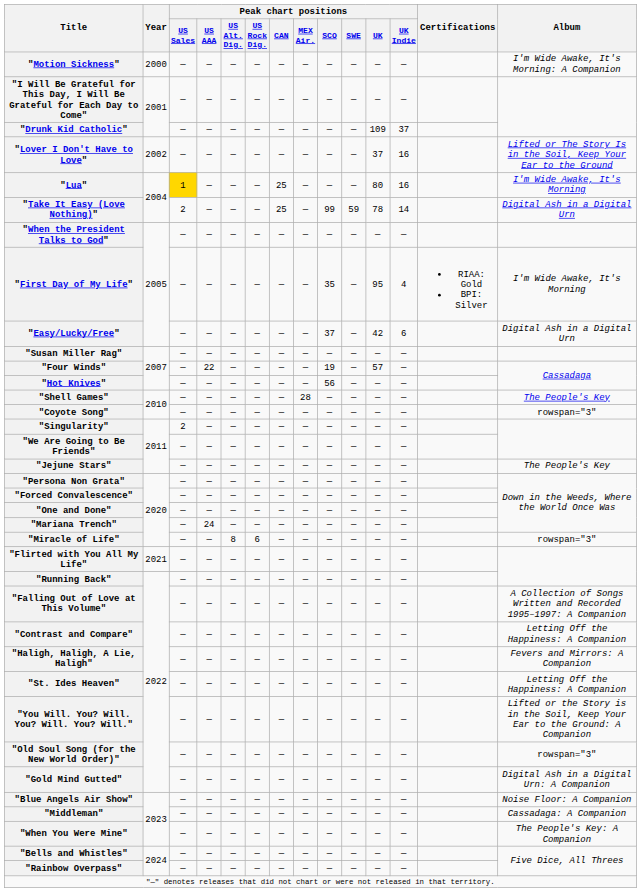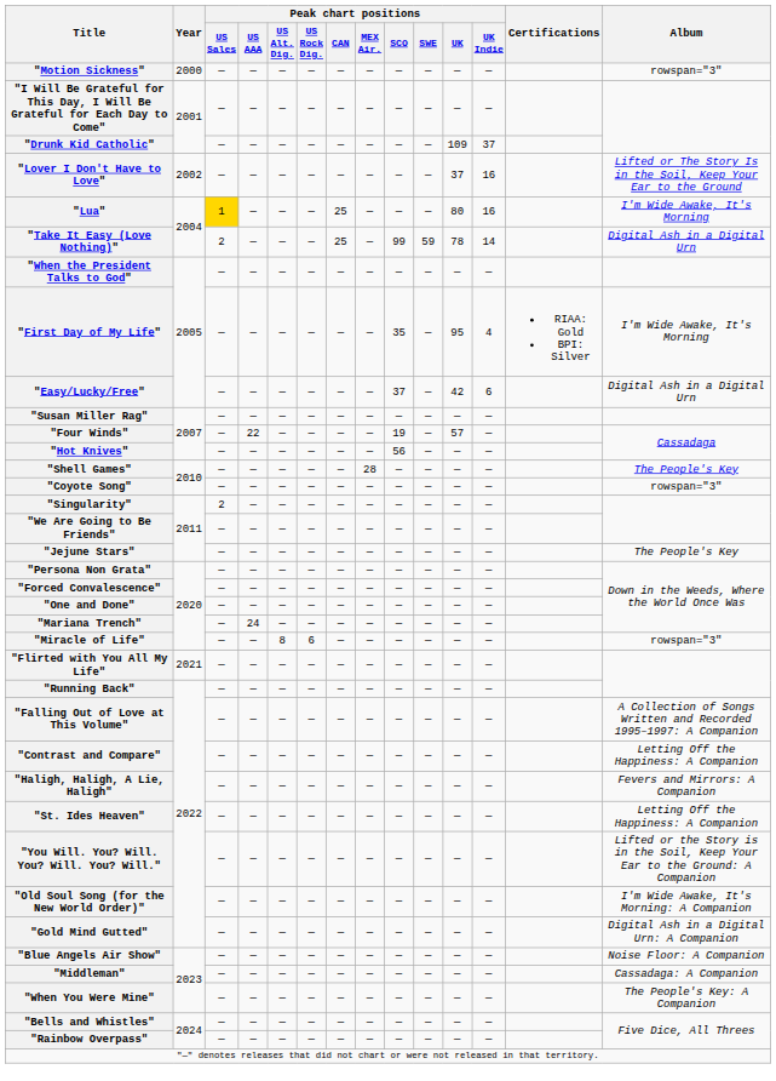 <table class="wikitable plainrowheaders" style="text-align:center;">
 <tr>
 <th rowspan="2" style="width:15em;">Title</th>
 <th rowspan="2" style="width:1em;">Year</th>
 <th colspan="10" style="width:5em;">Peak chart positions</th>
 <th rowspan="2" style="width:8em;">Certifications</th>
 <th rowspan="2" style="width:15em;">Album</th>
 </tr>
 <tr>
 <th scope="col" style="width:2.5em;font-size:90%;"><a href='#'>US<br>Sales</a><br></th>
 <th scope="col" style="width:2.5em;font-size:90%;"><a href='#'>US<br>AAA</a><br></th>
 <th scope="col" style="width:2.5em;font-size:90%;"><a href='#'>US<br>Alt.<br>Dig.</a><br></th>
 <th scope="col" style="width:2.5em;font-size:90%;"><a href='#'>US<br>Rock<br>Dig.</a><br></th>
 <th scope="col" style="width:2.5em;font-size:90%;"><a href='#'>CAN</a><br></th>
 <th scope="col" style="width:2.5em;font-size:90%;"><a href='#'>MEX<br>Air.</a><br></th>
 <th scope="col" style="width:2.5em;font-size:90%;"><a href='#'>SCO</a><br></th>
 <th scope="col" style="width:2.5em;font-size:90%;"><a href='#'>SWE</a><br></th>
 <th scope="col" style="width:2.5em;font-size:90%;"><a href='#'>UK</a><br></th>
 <th scope="col" style="width:2.5em;font-size:90%;"><a href='#'>UK<br>Indie</a><br></th>
 </tr>
 <tr>
 <th scope="row">"<a href='#'>Motion Sickness</a>"</th>
 <td>2000</td>
 <td align="center">—</td>
 <td align="center">—</td>
 <td align="center">—</td>
 <td align="center">—</td>
 <td align="center">—</td>
 <td align="center">—</td>
 <td align="center">—</td>
 <td align="center">—</td>
 <td align="center">—</td>
 <td align="center">—</td>
 <td></td>
-<td><em>I'm Wide Awake, It's Morning: A Companion</em></td>
+<td>rowspan="3" </td>
 </tr>
 <tr>
 <th scope="row">"I Will Be Grateful for This Day, I Will Be Grateful for Each Day to Come"</th>
 <td rowspan="2">2001</td>
 <td align="center">—</td>
 <td align="center">—</td>
 <td align="center">—</td>
 <td align="center">—</td>
 <td align="center">—</td>
 <td align="center">—</td>
 <td align="center">—</td>
 <td align="center">—</td>
 <td align="center">—</td>
 <td align="center">—</td>
 <td></td>
 </tr>
 <tr>
 <th scope="row">"<a href='#'>Drunk Kid Catholic</a>"</th>
 <td align="center">—</td>
 <td align="center">—</td>
 <td align="center">—</td>
 <td align="center">—</td>
 <td align="center">—</td>
 <td align="center">—</td>
 <td align="center">—</td>
 <td align="center">—</td>
 <td align="center">109</td>
 <td align="center">37</td>
 <td></td>
 </tr>
 <tr>
 <th scope="row">"<a href='#'>Lover I Don't Have to Love</a>"</th>
 <td>2002</td>
 <td align="center">—</td>
 <td align="center">—</td>
 <td align="center">—</td>
 <td align="center">—</td>
 <td align="center">—</td>
 <td align="center">—</td>
 <td align="center">—</td>
 <td align="center">—</td>
 <td align="center">37</td>
 <td align="center">16</td>
 <td></td>
 <td><em><a href='#'>Lifted or The Story Is in the Soil, Keep Your Ear to the Ground</a></em></td>
 </tr>
 <tr>
 <th scope="row">"<a href='#'>Lua</a>"</th>
 <td rowspan="2">2004</td>
 <td align="center" style="background: gold;">1</td>
 <td align="center">—</td>
 <td align="center">—</td>
 <td align="center">—</td>
 <td align="center">25</td>
 <td align="center">—</td>
 <td align="center">—</td>
 <td align="center">—</td>
 <td align="center">80</td>
 <td align="center">16</td>
 <td></td>
 <td><em><a href='#'>I'm Wide Awake, It's Morning</a></em></td>
 </tr>
 <tr>
 <th scope="row">"<a href='#'>Take It Easy (Love Nothing)</a>"</th>
 <td align="center">2</td>
 <td align="center">—</td>
 <td align="center">—</td>
 <td align="center">—</td>
 <td align="center">25</td>
 <td align="center">—</td>
 <td align="center">99</td>
 <td align="center">59</td>
 <td align="center">78</td>
 <td align="center">14</td>
 <td></td>
 <td><em><a href='#'>Digital Ash in a Digital Urn</a></em></td>
 </tr>
 <tr>
 <th scope="row">"<a href='#'>When the President Talks to God</a>"</th>
 <td rowspan="3">2005</td>
 <td align="center">—</td>
 <td align="center">—</td>
 <td align="center">—</td>
 <td align="center">—</td>
 <td align="center">—</td>
 <td align="center">—</td>
 <td align="center">—</td>
 <td align="center">—</td>
 <td align="center">—</td>
 <td align="center">—</td>
 <td></td>
 <td></td>
 </tr>
 <tr>
 <th scope="row">"<a href='#'>First Day of My Life</a>"</th>
 <td align="center">—</td>
 <td align="center">—</td>
 <td align="center">—</td>
 <td align="center">—</td>
 <td align="center">—</td>
 <td align="center">—</td>
 <td align="center">35</td>
 <td align="center">—</td>
 <td align="center">95</td>
 <td align="center">4</td>
 <td><br><ul><li>RIAA: Gold</li><li>BPI: Silver</li></ul></td>
 <td><em>I'm Wide Awake, It's Morning</em></td>
 </tr>
 <tr>
 <th scope="row">"<a href='#'>Easy/Lucky/Free</a>"</th>
 <td align="center">—</td>
 <td align="center">—</td>
 <td align="center">—</td>
 <td align="center">—</td>
 <td align="center">—</td>
 <td align="center">—</td>
 <td align="center">37</td>
 <td align="center">—</td>
 <td align="center">42</td>
 <td align="center">6</td>
 <td></td>
 <td><em>Digital Ash in a Digital Urn</em></td>
 </tr>
 <tr>
 <th scope="row">"Susan Miller Rag"</th>
 <td rowspan="3">2007</td>
 <td align="center">—</td>
 <td align="center">—</td>
 <td align="center">—</td>
 <td align="center">—</td>
 <td align="center">—</td>
 <td align="center">—</td>
 <td align="center">—</td>
 <td align="center">—</td>
 <td align="center">—</td>
 <td align="center">—</td>
 <td></td>
 <td></td>
 </tr>
 <tr>
 <th scope="row">"Four Winds"</th>
 <td align="center">—</td>
 <td align="center">22</td>
 <td align="center">—</td>
 <td align="center">—</td>
 <td align="center">—</td>
 <td align="center">—</td>
 <td align="center">19</td>
 <td align="center">—</td>
 <td align="center">57</td>
 <td align="center">—</td>
 <td></td>
 <td rowspan="2"><em><a href='#'>Cassadaga</a></em></td>
 </tr>
 <tr>
 <th scope="row">"<a href='#'>Hot Knives</a>"</th>
 <td align="center">—</td>
 <td align="center">—</td>
 <td align="center">—</td>
 <td align="center">—</td>
 <td align="center">—</td>
 <td align="center">—</td>
 <td align="center">56</td>
 <td align="center">—</td>
 <td align="center">—</td>
 <td align="center">—</td>
 <td></td>
 </tr>
 <tr>
 <th scope="row">"Shell Games"</th>
 <td rowspan="2">2010</td>
 <td align="center">—</td>
 <td align="center">—</td>
 <td align="center">—</td>
 <td align="center">—</td>
 <td align="center">—</td>
 <td align="center">28</td>
 <td align="center">—</td>
 <td align="center">—</td>
 <td align="center">—</td>
 <td align="center">—</td>
 <td></td>
 <td><em><a href='#'>The People's Key</a></em></td>
 </tr>
 <tr>
 <th scope="row">"Coyote Song"</th>
 <td align="center">—</td>
 <td align="center">—</td>
 <td align="center">—</td>
 <td align="center">—</td>
 <td align="center">—</td>
 <td align="center">—</td>
 <td align="center">—</td>
 <td align="center">—</td>
 <td align="center">—</td>
 <td align="center">—</td>
 <td></td>
 <td>rowspan="3" </td>
 </tr>
 <tr>
 <th scope="row">"Singularity"</th>
 <td rowspan="3">2011</td>
 <td align="center">2</td>
 <td align="center">—</td>
 <td align="center">—</td>
 <td align="center">—</td>
 <td align="center">—</td>
 <td align="center">—</td>
 <td align="center">—</td>
 <td align="center">—</td>
 <td align="center">—</td>
 <td align="center">—</td>
 <td></td>
 </tr>
 <tr>
 <th scope="row">"We Are Going to Be Friends"<br></th>
 <td align="center">—</td>
 <td align="center">—</td>
 <td align="center">—</td>
 <td align="center">—</td>
 <td align="center">—</td>
 <td align="center">—</td>
 <td align="center">—</td>
 <td align="center">—</td>
 <td align="center">—</td>
 <td align="center">—</td>
 <td></td>
 </tr>
 <tr>
 <th scope="row">"Jejune Stars"</th>
 <td align="center">—</td>
 <td align="center">—</td>
 <td align="center">—</td>
 <td align="center">—</td>
 <td align="center">—</td>
 <td align="center">—</td>
 <td align="center">—</td>
 <td align="center">—</td>
 <td align="center">—</td>
 <td align="center">—</td>
 <td></td>
 <td><em>The People's Key</em></td>
 </tr>
 <tr>
 <th scope="row">"Persona Non Grata"</th>
 <td rowspan="5">2020</td>
 <td align="center">—</td>
 <td align="center">—</td>
 <td align="center">—</td>
 <td align="center">—</td>
 <td align="center">—</td>
 <td align="center">—</td>
 <td align="center">—</td>
 <td align="center">—</td>
 <td align="center">—</td>
 <td align="center">—</td>
 <td></td>
 <td rowspan="4"><em>Down in the Weeds, Where the World Once Was</em></td>
 </tr>
 <tr>
 <th scope="row">"Forced Convalescence"</th>
 <td align="center">—</td>
 <td align="center">—</td>
 <td align="center">—</td>
 <td align="center">—</td>
 <td align="center">—</td>
 <td align="center">—</td>
 <td align="center">—</td>
 <td align="center">—</td>
 <td align="center">—</td>
 <td align="center">—</td>
 <td></td>
 </tr>
 <tr>
 <th scope="row">"One and Done"</th>
 <td align="center">—</td>
 <td align="center">—</td>
 <td align="center">—</td>
 <td align="center">—</td>
 <td align="center">—</td>
 <td align="center">—</td>
 <td align="center">—</td>
 <td align="center">—</td>
 <td align="center">—</td>
 <td align="center">—</td>
 <td></td>
 </tr>
 <tr>
 <th scope="row">"Mariana Trench"</th>
 <td align="center">—</td>
 <td align="center">24</td>
 <td align="center">—</td>
 <td align="center">—</td>
 <td align="center">—</td>
 <td align="center">—</td>
 <td align="center">—</td>
 <td align="center">—</td>
 <td align="center">—</td>
 <td align="center">—</td>
 <td></td>
 </tr>
 <tr>
 <th scope="row">"Miracle of Life"<br></th>
 <td align="center">—</td>
 <td align="center">—</td>
 <td align="center">8</td>
 <td align="center">6</td>
 <td align="center">—</td>
 <td align="center">—</td>
 <td align="center">—</td>
 <td align="center">—</td>
 <td align="center">—</td>
 <td align="center">—</td>
 <td></td>
 <td>rowspan="3" </td>
 </tr>
 <tr>
 <th scope="row">"Flirted with You All My Life" </th>
 <td>2021</td>
 <td align="center">—</td>
 <td align="center">—</td>
 <td align="center">—</td>
 <td align="center">—</td>
 <td align="center">—</td>
 <td align="center">—</td>
 <td align="center">—</td>
 <td align="center">—</td>
 <td align="center">—</td>
 <td align="center">—</td>
 <td></td>
 </tr>
 <tr>
 <th scope="row">"Running Back"<br></th>
 <td rowspan="8">2022</td>
 <td align="center">—</td>
 <td align="center">—</td>
 <td align="center">—</td>
 <td align="center">—</td>
 <td align="center">—</td>
 <td align="center">—</td>
 <td align="center">—</td>
 <td align="center">—</td>
 <td align="center">—</td>
 <td align="center">—</td>
 <td></td>
 </tr>
 <tr>
 <th scope="row">"Falling Out of Love at This Volume" </th>
 <td align="center">—</td>
 <td align="center">—</td>
 <td align="center">—</td>
 <td align="center">—</td>
 <td align="center">—</td>
 <td align="center">—</td>
 <td align="center">—</td>
 <td align="center">—</td>
 <td align="center">—</td>
 <td align="center">—</td>
 <td></td>
 <td><em>A Collection of Songs Written and Recorded 1995–1997: A Companion</em></td>
 </tr>
 <tr>
 <th scope="row">"Contrast and Compare" </th>
 <td align="center">—</td>
 <td align="center">—</td>
 <td align="center">—</td>
 <td align="center">—</td>
 <td align="center">—</td>
 <td align="center">—</td>
 <td align="center">—</td>
 <td align="center">—</td>
 <td align="center">—</td>
 <td align="center">—</td>
 <td></td>
 <td><em>Letting Off the Happiness: A Companion</em></td>
 </tr>
 <tr>
 <th scope="row">"Haligh, Haligh, A Lie, Haligh" </th>
 <td align="center">—</td>
 <td align="center">—</td>
 <td align="center">—</td>
 <td align="center">—</td>
 <td align="center">—</td>
 <td align="center">—</td>
 <td align="center">—</td>
 <td align="center">—</td>
 <td align="center">—</td>
 <td align="center">—</td>
 <td></td>
 <td><em>Fevers and Mirrors: A Companion</em></td>
 </tr>
 <tr>
 <th scope="row">"St. Ides Heaven" </th>
 <td align="center">—</td>
 <td align="center">—</td>
 <td align="center">—</td>
 <td align="center">—</td>
 <td align="center">—</td>
 <td align="center">—</td>
 <td align="center">—</td>
 <td align="center">—</td>
 <td align="center">—</td>
 <td align="center">—</td>
 <td></td>
 <td><em>Letting Off the Happiness: A Companion</em></td>
 </tr>
 <tr>
 <th scope="row">"You Will. You? Will. You? Will. You? Will." </th>
 <td align="center">—</td>
 <td align="center">—</td>
 <td align="center">—</td>
 <td align="center">—</td>
 <td align="center">—</td>
 <td align="center">—</td>
 <td align="center">—</td>
 <td align="center">—</td>
 <td align="center">—</td>
 <td align="center">—</td>
 <td></td>
 <td><em>Lifted or the Story is in the Soil, Keep Your Ear to the Ground: A Companion</em></td>
 </tr>
 <tr>
 <th scope="row">"Old Soul Song (for the New World Order)" </th>
 <td align="center">—</td>
 <td align="center">—</td>
 <td align="center">—</td>
 <td align="center">—</td>
 <td align="center">—</td>
 <td align="center">—</td>
 <td align="center">—</td>
 <td align="center">—</td>
 <td align="center">—</td>
 <td align="center">—</td>
 <td></td>
-<td>rowspan="3" </td>
+<td><em>I'm Wide Awake, It's Morning: A Companion</em></td>
 </tr>
 <tr>
 <th scope="row">"Gold Mind Gutted" </th>
 <td align="center">—</td>
 <td align="center">—</td>
 <td align="center">—</td>
 <td align="center">—</td>
 <td align="center">—</td>
 <td align="center">—</td>
 <td align="center">—</td>
 <td align="center">—</td>
 <td align="center">—</td>
 <td align="center">—</td>
 <td></td>
 <td><em>Digital Ash in a Digital Urn: A Companion</em></td>
 </tr>
 <tr>
 <th scope="row">"Blue Angels Air Show" </th>
 <td rowspan="3">2023</td>
 <td align="center">—</td>
 <td align="center">—</td>
 <td align="center">—</td>
 <td align="center">—</td>
 <td align="center">—</td>
 <td align="center">—</td>
 <td align="center">—</td>
 <td align="center">—</td>
 <td align="center">—</td>
 <td align="center">—</td>
 <td></td>
 <td><em>Noise Floor: A Companion</em></td>
 </tr>
 <tr>
 <th scope="row">"Middleman" </th>
 <td align="center">—</td>
 <td align="center">—</td>
 <td align="center">—</td>
 <td align="center">—</td>
 <td align="center">—</td>
 <td align="center">—</td>
 <td align="center">—</td>
 <td align="center">—</td>
 <td align="center">—</td>
 <td align="center">—</td>
 <td></td>
 <td><em>Cassadaga: A Companion</em></td>
 </tr>
 <tr>
 <th scope="row">"When You Were Mine" </th>
 <td align="center">—</td>
 <td align="center">—</td>
 <td align="center">—</td>
 <td align="center">—</td>
 <td align="center">—</td>
 <td align="center">—</td>
 <td align="center">—</td>
 <td align="center">—</td>
 <td align="center">—</td>
 <td align="center">—</td>
 <td></td>
 <td><em>The People's Key: A Companion</em></td>
 </tr>
 <tr>
 <th scope="row">"Bells and Whistles"</th>
 <td rowspan="2">2024</td>
 <td align="center">—</td>
 <td align="center">—</td>
 <td align="center">—</td>
 <td align="center">—</td>
 <td align="center">—</td>
 <td align="center">—</td>
 <td align="center">—</td>
 <td align="center">—</td>
 <td align="center">—</td>
 <td align="center">—</td>
 <td></td>
 <td rowspan="2"><em>Five Dice, All Threes</em></td>
 </tr>
 <tr>
 <th scope="row">"Rainbow Overpass"</th>
 <td align="center">—</td>
 <td align="center">—</td>
 <td align="center">—</td>
 <td align="center">—</td>
 <td align="center">—</td>
 <td align="center">—</td>
 <td align="center">—</td>
 <td align="center">—</td>
 <td align="center">—</td>
 <td align="center">—</td>
 <td></td>
 </tr>
 <tr>
 <td align="center" colspan="16" style="font-size: 8pt">"—" denotes releases that did not chart or were not released in that territory.</td>
 </tr>
 </table>
